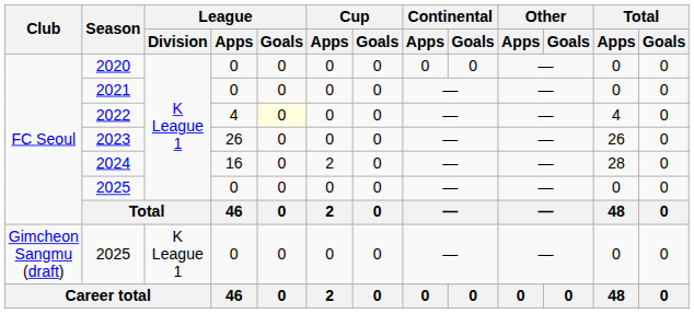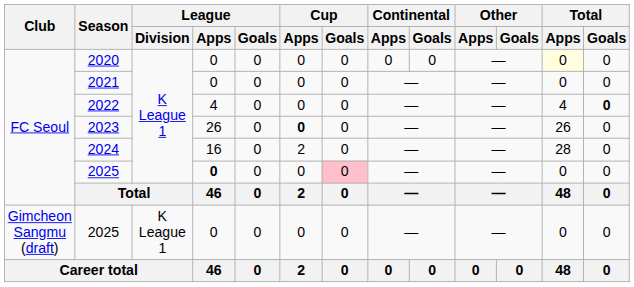 <table class="wikitable" style="text-align: center">
 <tr>
 <th rowspan="2">Club</th>
 <th rowspan="2">Season</th>
 <th colspan="3">League</th>
 <th colspan="2">Cup</th>
 <th colspan="2">Continental</th>
 <th colspan="2">Other</th>
 <th colspan="2">Total</th>
 </tr>
 <tr>
 <th>Division</th>
 <th>Apps</th>
 <th>Goals</th>
 <th>Apps</th>
 <th>Goals</th>
 <th>Apps</th>
 <th>Goals</th>
 <th>Apps</th>
 <th>Goals</th>
 <th>Apps</th>
 <th>Goals</th>
 </tr>
 <tr>
 <td rowspan="7"><a href='#'>FC Seoul</a></td>
 <td><a href='#'>2020</a></td>
 <td rowspan="6"><a href='#'>K League 1</a></td>
 <td>0</td>
 <td>0</td>
 <td>0</td>
 <td>0</td>
 <td>0</td>
 <td>0</td>
 <td colspan="2">—</td>
-<td>0</td>
+<td style="background: lightyellow;">0</td>
 <td>0</td>
 </tr>
 <tr>
 <td><a href='#'>2021</a></td>
 <td>0</td>
 <td>0</td>
 <td>0</td>
 <td>0</td>
 <td colspan="2">—</td>
 <td colspan="2">—</td>
 <td>0</td>
 <td>0</td>
 </tr>
 <tr>
 <td><a href='#'>2022</a></td>
 <td>4</td>
-<td style="background: lightyellow;">0</td>
+<td>0</td>
 <td>0</td>
 <td>0</td>
 <td colspan="2">—</td>
 <td colspan="2">—</td>
 <td>4</td>
-<td>0</td>
+<td><strong>0</strong></td>
 </tr>
 <tr>
 <td><a href='#'>2023</a></td>
 <td>26</td>
 <td>0</td>
-<td>0</td>
+<td><strong>0</strong></td>
 <td>0</td>
 <td colspan="2">—</td>
 <td colspan="2">—</td>
 <td>26</td>
 <td>0</td>
 </tr>
 <tr>
 <td><a href='#'>2024</a></td>
 <td>16</td>
 <td>0</td>
 <td>2</td>
 <td>0</td>
 <td colspan="2">—</td>
 <td colspan="2">—</td>
 <td>28</td>
 <td>0</td>
 </tr>
 <tr>
 <td><a href='#'>2025</a></td>
+<td><strong>0</strong></td>
 <td>0</td>
 <td>0</td>
-<td>0</td>
-<td>0</td>
+<td style="background: pink;">0</td>
 <td colspan="2">—</td>
 <td colspan="2">—</td>
 <td>0</td>
 <td>0</td>
 </tr>
 <tr>
 <th colspan="2">Total</th>
 <th>46</th>
 <th>0</th>
 <th>2</th>
 <th>0</th>
 <th colspan="2">—</th>
 <th colspan="2">—</th>
 <th>48</th>
 <th>0</th>
 </tr>
 <tr>
 <td><a href='#'>Gimcheon Sangmu</a> (<a href='#'>draft</a>)</td>
 <td>2025</td>
 <td>K League 1</td>
 <td>0</td>
 <td>0</td>
 <td>0</td>
 <td>0</td>
 <td colspan="2">—</td>
 <td colspan="2">—</td>
 <td>0</td>
 <td>0</td>
 </tr>
 <tr>
 <th colspan="3">Career total</th>
 <th>46</th>
 <th>0</th>
 <th>2</th>
 <th>0</th>
 <th>0</th>
 <th>0</th>
 <th>0</th>
 <th>0</th>
 <th>48</th>
 <th>0</th>
 </tr>
 </table>
